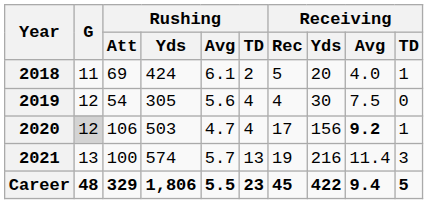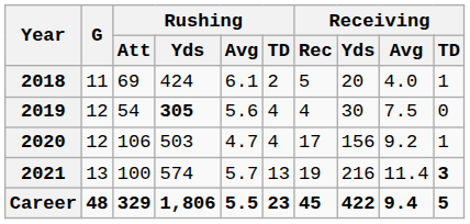 <table class="wikitable sortable">
 <tr>
 <th rowspan="2">Year</th>
 <th rowspan="2">G</th>
 <th colspan="4">Rushing</th>
 <th colspan="4">Receiving</th>
 </tr>
 <tr>
 <th>Att</th>
 <th>Yds</th>
 <th>Avg</th>
 <th>TD</th>
 <th>Rec</th>
 <th>Yds</th>
 <th>Avg</th>
 <th>TD</th>
 </tr>
 <tr>
 <th>2018</th>
 <td>11</td>
 <td>69</td>
 <td>424</td>
 <td>6.1</td>
 <td>2</td>
 <td>5</td>
 <td>20</td>
 <td>4.0</td>
 <td>1</td>
 </tr>
 <tr>
 <th>2019</th>
 <td>12</td>
 <td>54</td>
-<td>305</td>
+<td><strong>305</strong></td>
 <td>5.6</td>
 <td>4</td>
 <td>4</td>
 <td>30</td>
 <td>7.5</td>
 <td>0</td>
 </tr>
 <tr>
 <th>2020</th>
-<td style="background: lightgrey;">12</td>
+<td>12</td>
 <td>106</td>
 <td>503</td>
 <td>4.7</td>
 <td>4</td>
 <td>17</td>
 <td>156</td>
-<td><strong>9.2</strong></td>
+<td>9.2</td>
 <td>1</td>
 </tr>
 <tr>
 <th>2021</th>
 <td>13</td>
 <td>100</td>
 <td>574</td>
 <td>5.7</td>
 <td>13</td>
 <td>19</td>
 <td>216</td>
 <td>11.4</td>
-<td>3</td>
+<td><strong>3</strong></td>
 </tr>
 <tr>
 <th>Career</th>
 <td><strong>48</strong></td>
 <td><strong>329</strong></td>
 <td><strong>1,806</strong></td>
 <td><strong>5.5</strong></td>
 <td><strong>23</strong></td>
 <td><strong>45</strong></td>
 <td><strong>422</strong></td>
 <td><strong>9.4</strong></td>
 <td><strong>5</strong></td>
 </tr>
 </table>
